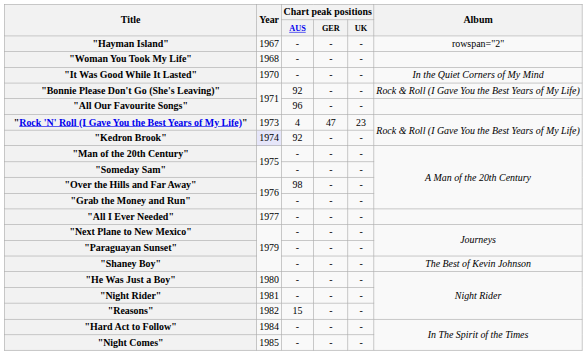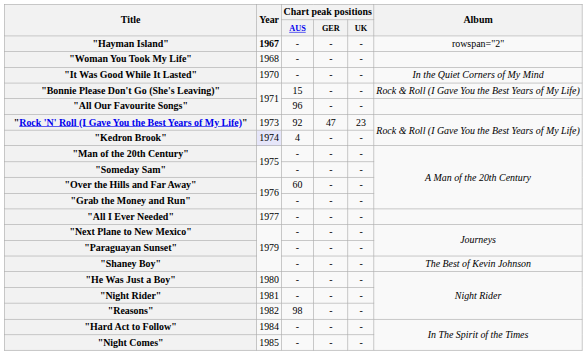 <table class="wikitable plainrowheaders" style="text-align:center;" border="1">
 <tr>
 <th rowspan="2" scope="col" style="width:25em;">Title</th>
 <th rowspan="2" scope="col" style="width:01em;">Year</th>
 <th colspan="3">Chart peak positions</th>
 <th rowspan="2" scope="col">Album</th>
 </tr>
 <tr>
 <th scope="col" style="text-align:center;"><small><a href='#'>AUS</a></small><br></th>
 <th scope="col" style="text-align:center;"><small>GER</small></th>
 <th scope="col" style="text-align:center;"><small>UK</small><br></th>
 </tr>
 <tr>
 <th scope="row">"Hayman Island"</th>
-<td>1967</td>
+<td><strong>1967</strong></td>
 <td>-</td>
 <td>-</td>
 <td>-</td>
 <td>rowspan="2" </td>
 </tr>
 <tr>
 <th scope="row">"Woman You Took My Life"</th>
 <td>1968</td>
 <td>-</td>
 <td>-</td>
 <td>-</td>
 </tr>
 <tr>
 <th scope="row">"It Was Good While It Lasted"</th>
 <td>1970</td>
 <td>-</td>
 <td>-</td>
 <td>-</td>
 <td><em>In the Quiet Corners of My Mind</em></td>
 </tr>
 <tr>
 <th scope="row">"Bonnie Please Don't Go (She's Leaving)"</th>
 <td rowspan="2">1971</td>
-<td>92</td>
+<td>15</td>
 <td>-</td>
 <td>-</td>
 <td><em>Rock & Roll (I Gave You the Best Years of My Life)</em></td>
 </tr>
 <tr>
 <th scope="row">"All Our Favourite Songs"</th>
 <td>96</td>
 <td>-</td>
 <td>-</td>
 <td></td>
 </tr>
 <tr>
 <th scope="row">"<a href='#'>Rock 'N' Roll (I Gave You the Best Years of My Life)</a>"</th>
 <td>1973</td>
-<td>4</td>
+<td>92</td>
 <td>47</td>
 <td>23</td>
 <td rowspan="2"><em>Rock & Roll (I Gave You the Best Years of My Life)</em></td>
 </tr>
 <tr>
 <th scope="row">"Kedron Brook"</th>
 <td style="background: lavender;">1974</td>
-<td>92</td>
+<td>4</td>
 <td>-</td>
 <td>-</td>
 </tr>
 <tr>
 <th scope="row">"Man of the 20th Century"</th>
 <td rowspan="2">1975</td>
 <td>-</td>
 <td>-</td>
 <td>-</td>
 <td rowspan="4"><em>A Man of the 20th Century</em></td>
 </tr>
 <tr>
 <th scope="row">"Someday Sam"</th>
 <td>-</td>
 <td>-</td>
 <td>-</td>
 </tr>
 <tr>
 <th scope="row">"Over the Hills and Far Away"</th>
 <td rowspan="2">1976</td>
-<td>98</td>
+<td>60</td>
 <td>-</td>
 <td>-</td>
 </tr>
 <tr>
 <th scope="row">"Grab the Money and Run"</th>
 <td>-</td>
 <td>-</td>
 <td>-</td>
 </tr>
 <tr>
 <th scope="row">"All I Ever Needed"</th>
 <td>1977</td>
 <td>-</td>
 <td>-</td>
 <td>-</td>
 <td></td>
 </tr>
 <tr>
 <th scope="row">"Next Plane to New Mexico"</th>
 <td rowspan="3">1979</td>
 <td>-</td>
 <td>-</td>
 <td>-</td>
 <td rowspan="2"><em>Journeys</em></td>
 </tr>
 <tr>
 <th scope="row">"Paraguayan Sunset"</th>
 <td>-</td>
 <td>-</td>
 <td>-</td>
 </tr>
 <tr>
 <th scope="row">"Shaney Boy"</th>
 <td>-</td>
 <td>-</td>
 <td>-</td>
 <td><em>The Best of Kevin Johnson</em></td>
 </tr>
 <tr>
 <th scope="row">"He Was Just a Boy"</th>
 <td>1980</td>
 <td>-</td>
 <td>-</td>
 <td>-</td>
 <td rowspan="3"><em>Night Rider</em></td>
 </tr>
 <tr>
 <th scope="row">"Night Rider"</th>
 <td>1981</td>
 <td>-</td>
 <td>-</td>
 <td>-</td>
 </tr>
 <tr>
 <th scope="row">"Reasons"</th>
 <td>1982</td>
-<td>15</td>
+<td>98</td>
 <td>-</td>
 <td>-</td>
 </tr>
 <tr>
 <th scope="row">"Hard Act to Follow"</th>
 <td>1984</td>
 <td>-</td>
 <td>-</td>
 <td>-</td>
 <td rowspan="2"><em>In The Spirit of the Times</em></td>
 </tr>
 <tr>
 <th scope="row">"Night Comes"</th>
 <td>1985</td>
 <td>-</td>
 <td>-</td>
 <td>-</td>
 </tr>
 </table>
